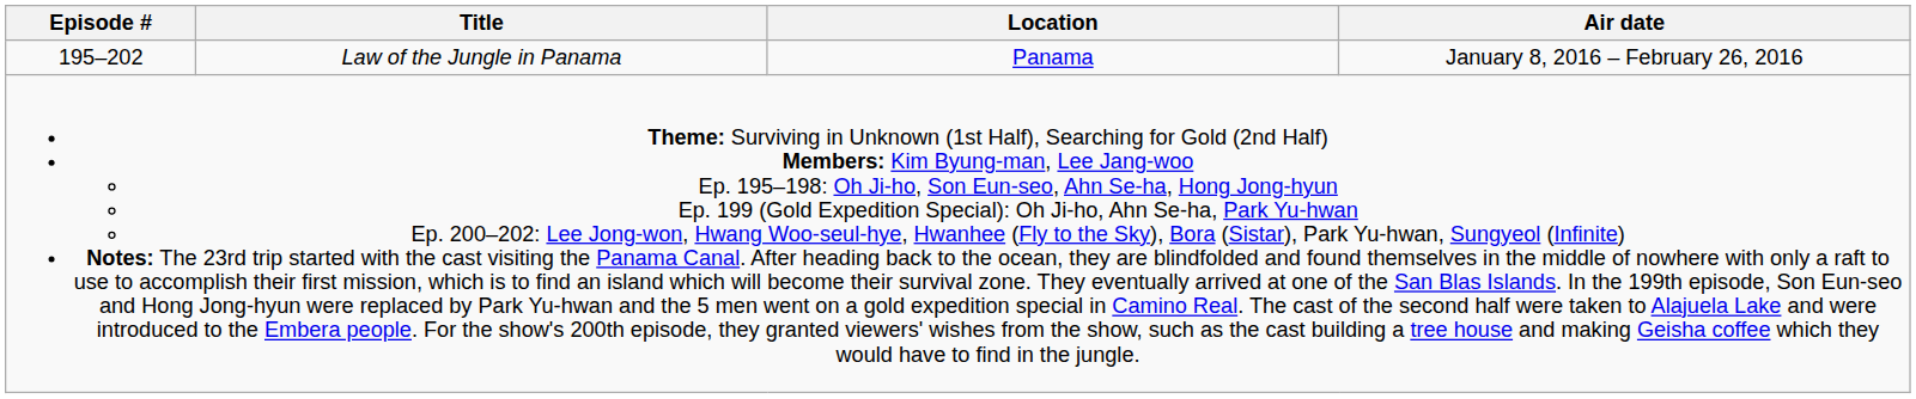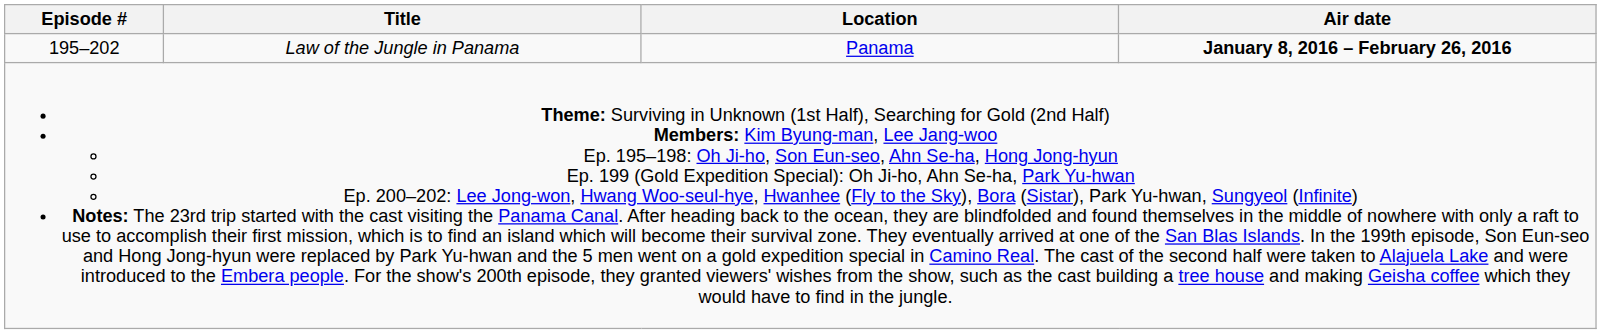 <table class="wikitable" style="text-align:center; font-size:90%; width:100%;">
 <tr>
 <th width="10%">Episode #</th>
 <th width="30%">Title</th>
 <th width="30%">Location</th>
 <th width="30%">Air date</th>
 </tr>
 <tr>
 <td>195–202</td>
 <td><em>Law of the Jungle in Panama</em></td>
 <td><a href='#'>Panama</a></td>
-<td>January 8, 2016 – February 26, 2016</td>
+<td><strong>January 8, 2016 – February 26, 2016</strong></td>
 </tr>
 <tr>
 <td colspan="4"><br><ul><li><strong>Theme:</strong> Surviving in Unknown (1st Half), Searching for Gold (2nd Half)</li><li><strong>Members:</strong> <a href='#'>Kim Byung-man</a>, <a href='#'>Lee Jang-woo</a><ul><li>Ep. 195–198: <a href='#'>Oh Ji-ho</a>, <a href='#'>Son Eun-seo</a>, <a href='#'>Ahn Se-ha</a>, <a href='#'>Hong Jong-hyun</a></li><li>Ep. 199 (Gold Expedition Special): Oh Ji-ho, Ahn Se-ha, <a href='#'>Park Yu-hwan</a></li><li>Ep. 200–202: <a href='#'>Lee Jong-won</a>, <a href='#'>Hwang Woo-seul-hye</a>, <a href='#'>Hwanhee</a> (<a href='#'>Fly to the Sky</a>), <a href='#'>Bora</a> (<a href='#'>Sistar</a>), Park Yu-hwan, <a href='#'>Sungyeol</a> (<a href='#'>Infinite</a>)</li></ul></li><li><strong>Notes:</strong> The 23rd trip started with the cast visiting the <a href='#'>Panama Canal</a>. After heading back to the ocean, they are blindfolded and found themselves in the middle of nowhere with only a raft to use to accomplish their first mission, which is to find an island which will become their survival zone. They eventually arrived at one of the <a href='#'>San Blas Islands</a>. In the 199th episode, Son Eun-seo and Hong Jong-hyun were replaced by Park Yu-hwan and the 5 men went on a gold expedition special in <a href='#'>Camino Real</a>. The cast of the second half were taken to <a href='#'>Alajuela Lake</a> and were introduced to the <a href='#'>Embera people</a>. For the show's 200th episode, they granted viewers' wishes from the show, such as the cast building a <a href='#'>tree house</a> and making <a href='#'>Geisha coffee</a> which they would have to find in the jungle.</li></ul></td>
 </tr>
 </table>
